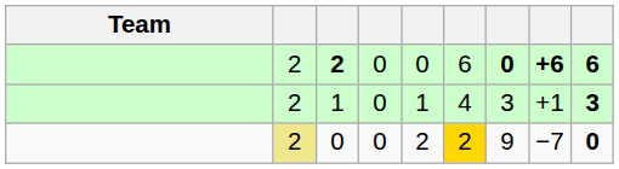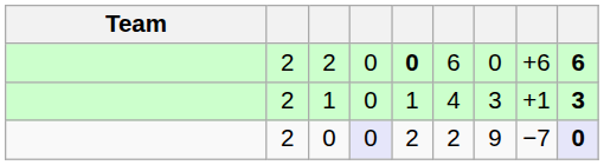 <table class="wikitable" style="text-align:center;">
 <tr>
 <th width="165">Team</th>
 <th width="20"></th>
 <th width="20"></th>
 <th width="20"></th>
 <th width="20"></th>
 <th width="20"></th>
 <th width="20"></th>
 <th width="20"></th>
 <th width="20"></th>
 </tr>
 <tr bgcolor="#ccffcc">
 <td style="text-align:left;"></td>
 <td>2</td>
-<td><strong>2</strong></td>
+<td>2</td>
 <td>0</td>
+<td><strong>0</strong></td>
+<td>6</td>
 <td>0</td>
-<td>6</td>
-<td><strong>0</strong></td>
-<td><strong>+6</strong></td>
+<td>+6</td>
 <td><strong>6</strong></td>
 </tr>
 <tr bgcolor="#ccffcc">
 <td style="text-align:left;"></td>
 <td>2</td>
 <td>1</td>
 <td>0</td>
 <td>1</td>
 <td>4</td>
 <td>3</td>
 <td>+1</td>
 <td><strong>3</strong></td>
 </tr>
 <tr>
 <td style="text-align:left;"></td>
-<td style="background: khaki;">2</td>
+<td>2</td>
 <td>0</td>
-<td>0</td>
+<td style="background: lavender;">0</td>
 <td>2</td>
-<td style="background: gold;">2</td>
+<td>2</td>
 <td>9</td>
 <td>−7</td>
-<td><strong>0</strong></td>
+<td style="background: lavender;"><strong>0</strong></td>
 </tr>
 </table>
